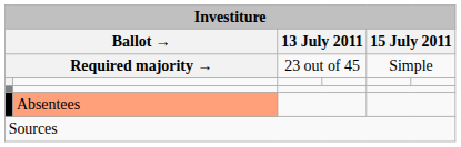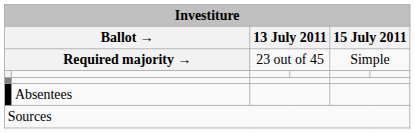 <table class="wikitable" style="text-align:center;">
 <tr bgcolor="#E9E9E9">
 <td colspan="6" align="center" bgcolor="#C0C0C0"><strong>Investiture</strong></td>
 </tr>
 <tr>
 <th colspan="2" width="275px">Ballot →</th>
 <th colspan="2">13 July 2011</th>
 <th colspan="2">15 July 2011</th>
 </tr>
 <tr>
 <th colspan="2">Required majority →</th>
 <td colspan="2">23 out of 45</td>
 <td colspan="2">Simple</td>
 </tr>
 <tr>
 <th width="1px" style="background:"></th>
 <td align="left"></td>
 <td></td>
 <td></td>
 <td></td>
 <td></td>
 </tr>
 <tr>
 <th style="background:gray;"></th>
 <td align="left"></td>
 <td colspan="2"></td>
 <td colspan="2"></td>
 </tr>
 <tr>
 <th style="background:black;"></th>
-<td align="left" style="background: lightsalmon;">Absentees</td>
+<td align="left">Absentees</td>
 <td colspan="2"></td>
 <td colspan="2"></td>
 </tr>
 <tr>
 <td align="left" colspan="6">Sources</td>
 </tr>
 </table>
